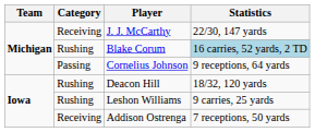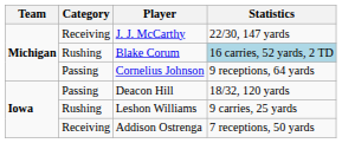 <table class="wikitable" style="float: left;">
 <tr>
 <th>Team</th>
 <th>Category</th>
 <th>Player</th>
 <th>Statistics</th>
 </tr>
 <tr>
 <td rowspan=3><strong>Michigan</strong></td>
 <td>Receiving</td>
 <td><a href='#'>J. J. McCarthy</a></td>
 <td>22/30, 147 yards</td>
 </tr>
 <tr>
 <td>Rushing</td>
 <td><a href='#'>Blake Corum</a></td>
 <td style="background: lightblue;">16 carries, 52 yards, 2 TD</td>
 </tr>
 <tr>
 <td>Passing</td>
 <td><a href='#'>Cornelius Johnson</a></td>
 <td>9 receptions, 64 yards</td>
 </tr>
 <tr>
 <td rowspan=3><strong>Iowa</strong></td>
-<td>Rushing</td>
+<td>Passing</td>
 <td>Deacon Hill</td>
 <td>18/32, 120 yards</td>
 </tr>
 <tr>
 <td>Rushing</td>
 <td>Leshon Williams</td>
 <td>9 carries, 25 yards</td>
 </tr>
 <tr>
 <td>Receiving</td>
 <td>Addison Ostrenga</td>
 <td>7 receptions, 50 yards</td>
 </tr>
 </table>
